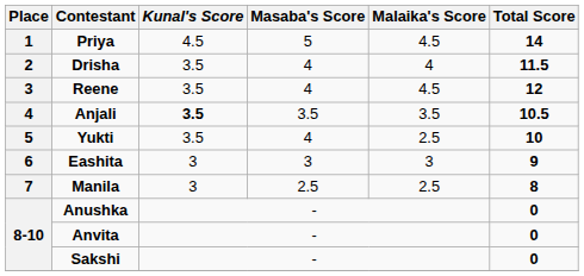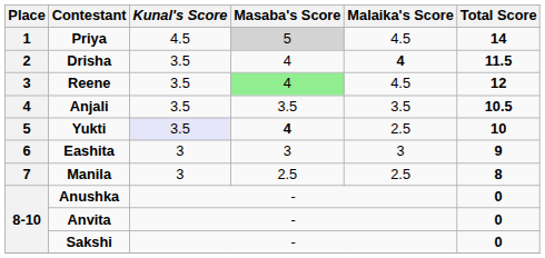 <table class="wikitable" style="text-align:center">
 <tr>
 <th>Place</th>
 <th>Contestant</th>
 <th><em>Kunal's Score</em></th>
 <th scope="col">Masaba's Score</th>
 <th>Malaika's Score</th>
 <th>Total Score</th>
 </tr>
 <tr>
 <th>1</th>
 <td><strong>Priya</strong></td>
 <td>4.5</td>
-<td>5</td>
+<td style="background: lightgrey;">5</td>
 <td>4.5</td>
 <td><strong>14</strong></td>
 </tr>
 <tr>
 <th>2</th>
 <td><strong>Drisha</strong></td>
 <td>3.5</td>
 <td>4</td>
-<td>4</td>
+<td><strong>4</strong></td>
 <td><strong>11.5</strong></td>
 </tr>
 <tr>
 <th>3</th>
 <td><strong>Reene</strong></td>
 <td>3.5</td>
-<td>4</td>
+<td style="background: lightgreen;">4</td>
 <td>4.5</td>
 <td><strong>12</strong></td>
 </tr>
 <tr>
 <th>4</th>
 <td><strong>Anjali</strong></td>
-<td><strong>3.5</strong></td>
+<td>3.5</td>
 <td>3.5</td>
 <td>3.5</td>
 <td><strong>10.5</strong></td>
 </tr>
 <tr>
 <th>5</th>
 <td><strong>Yukti</strong></td>
-<td>3.5</td>
-<td>4</td>
+<td style="background: lavender;">3.5</td>
+<td><strong>4</strong></td>
 <td>2.5</td>
 <td><strong>10</strong></td>
 </tr>
 <tr>
 <th>6</th>
 <td><strong>Eashita</strong></td>
 <td>3</td>
 <td>3</td>
 <td>3</td>
 <td><strong>9</strong></td>
 </tr>
 <tr>
 <th>7</th>
 <td><strong>Manila</strong></td>
 <td>3</td>
 <td>2.5</td>
 <td>2.5</td>
 <td><strong>8</strong></td>
 </tr>
 <tr>
 <th rowspan="3">8-10</th>
 <td><strong>Anushka</strong></td>
 <td colspan="3">-</td>
 <td><strong>0</strong></td>
 </tr>
 <tr>
 <td><strong>Anvita</strong></td>
 <td colspan="3">-</td>
 <td><strong>0</strong></td>
 </tr>
 <tr>
 <td><strong>Sakshi</strong></td>
 <td colspan="3">-</td>
 <td><strong>0</strong></td>
 </tr>
 <tr>
 </tr>
 </table>
